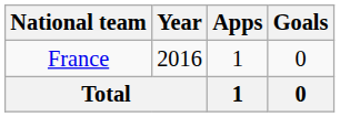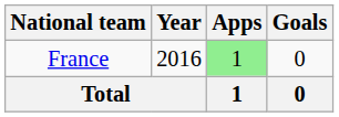 <table class="wikitable" style="text-align:center">
 <tr>
 <th>National team</th>
 <th>Year</th>
 <th>Apps</th>
 <th>Goals</th>
 </tr>
 <tr>
 <td><a href='#'>France</a></td>
 <td>2016</td>
-<td>1</td>
+<td style="background: lightgreen;">1</td>
 <td>0</td>
 </tr>
 <tr>
 <th colspan="2">Total</th>
 <th>1</th>
 <th>0</th>
 </tr>
 </table>
